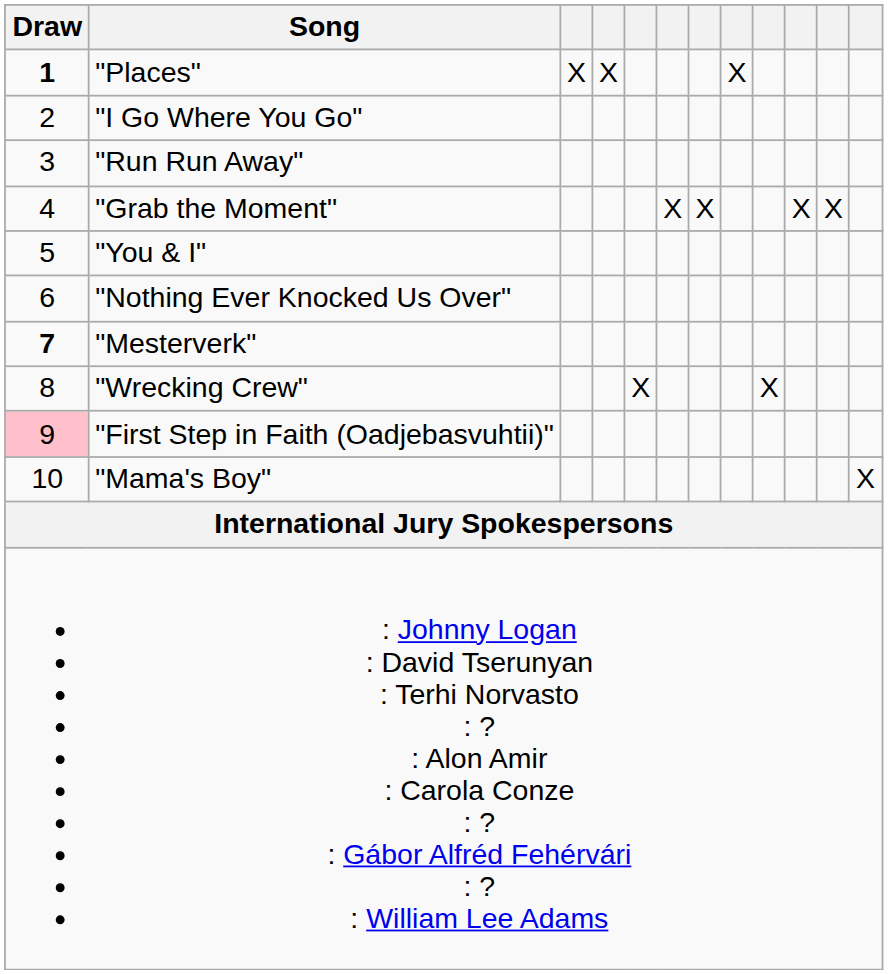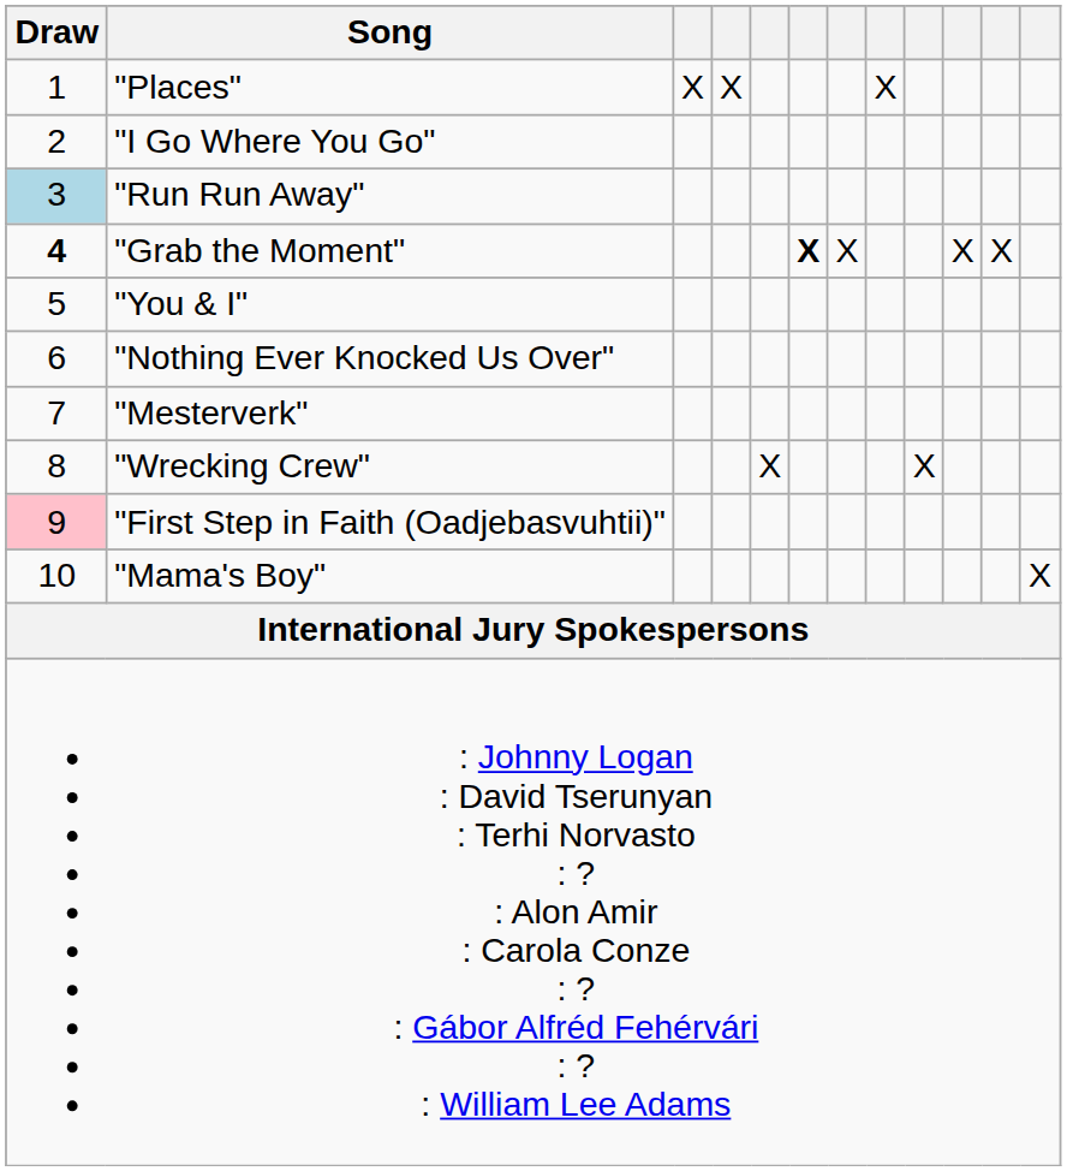 <table class="wikitable collapsible" style="margin: 1em auto 1em auto; text-align:center;">
 <tr>
 <th>Draw</th>
 <th>Song</th>
 <th></th>
 <th></th>
 <th></th>
 <th></th>
 <th></th>
 <th></th>
 <th></th>
 <th></th>
 <th></th>
 <th></th>
 </tr>
 <tr>
-<td><strong>1</strong></td>
+<td>1</td>
 <td align="left">"Places"</td>
 <td>X</td>
 <td>X</td>
 <td></td>
 <td></td>
 <td></td>
 <td>X</td>
 <td></td>
 <td></td>
 <td></td>
 <td></td>
 </tr>
 <tr>
 <td>2</td>
 <td align="left">"I Go Where You Go"</td>
 <td></td>
 <td></td>
 <td></td>
 <td></td>
 <td></td>
 <td></td>
 <td></td>
 <td></td>
 <td></td>
 <td></td>
 </tr>
 <tr>
-<td>3</td>
+<td style="background: lightblue;">3</td>
 <td align="left">"Run Run Away"</td>
 <td></td>
 <td></td>
 <td></td>
 <td></td>
 <td></td>
 <td></td>
 <td></td>
 <td></td>
 <td></td>
 <td></td>
 </tr>
 <tr>
-<td>4</td>
+<td><strong>4</strong></td>
 <td align="left">"Grab the Moment"</td>
 <td></td>
 <td></td>
 <td></td>
-<td>X</td>
+<td><strong>X</strong></td>
 <td>X</td>
 <td></td>
 <td></td>
 <td>X</td>
 <td>X</td>
 <td></td>
 </tr>
 <tr>
 <td>5</td>
 <td align="left">"You & I"</td>
 <td></td>
 <td></td>
 <td></td>
 <td></td>
 <td></td>
 <td></td>
 <td></td>
 <td></td>
 <td></td>
 <td></td>
 </tr>
 <tr>
 <td>6</td>
 <td align="left">"Nothing Ever Knocked Us Over"</td>
 <td></td>
 <td></td>
 <td></td>
 <td></td>
 <td></td>
 <td></td>
 <td></td>
 <td></td>
 <td></td>
 <td></td>
 </tr>
 <tr>
-<td><strong>7</strong></td>
+<td>7</td>
 <td align="left">"Mesterverk"</td>
 <td></td>
 <td></td>
 <td></td>
 <td></td>
 <td></td>
 <td></td>
 <td></td>
 <td></td>
 <td></td>
 <td></td>
 </tr>
 <tr>
 <td>8</td>
 <td align="left">"Wrecking Crew"</td>
 <td></td>
 <td></td>
 <td>X</td>
 <td></td>
 <td></td>
 <td></td>
 <td>X</td>
 <td></td>
 <td></td>
 <td></td>
 </tr>
 <tr>
 <td style="background: pink;">9</td>
 <td align="left">"First Step in Faith (Oadjebasvuhtii)"</td>
 <td></td>
 <td></td>
 <td></td>
 <td></td>
 <td></td>
 <td></td>
 <td></td>
 <td></td>
 <td></td>
 <td></td>
 </tr>
 <tr>
 <td>10</td>
 <td align="left">"Mama's Boy"</td>
 <td></td>
 <td></td>
 <td></td>
 <td></td>
 <td></td>
 <td></td>
 <td></td>
 <td></td>
 <td></td>
 <td>X</td>
 </tr>
 <tr>
 <th colspan="12">International Jury Spokespersons</th>
 </tr>
 <tr>
 <td colspan="12"><br><ul><li>: <a href='#'>Johnny Logan</a></li><li>: David Tserunyan</li><li>: Terhi Norvasto</li><li>: ?</li><li>: Alon Amir</li><li>: Carola Conze</li><li>: ?</li><li>: <a href='#'>Gábor Alfréd Fehérvári</a></li><li>: ?</li><li>: <a href='#'>William Lee Adams</a></li></ul></td>
 </tr>
 </table>
